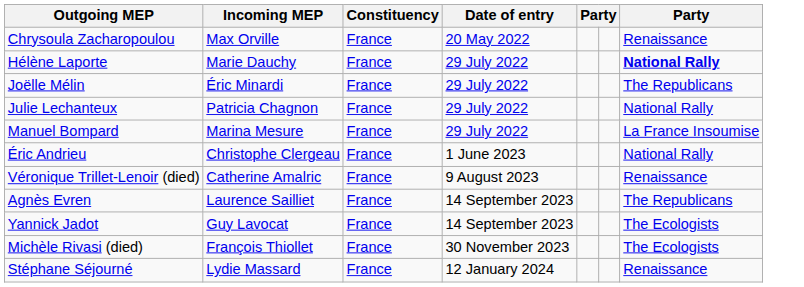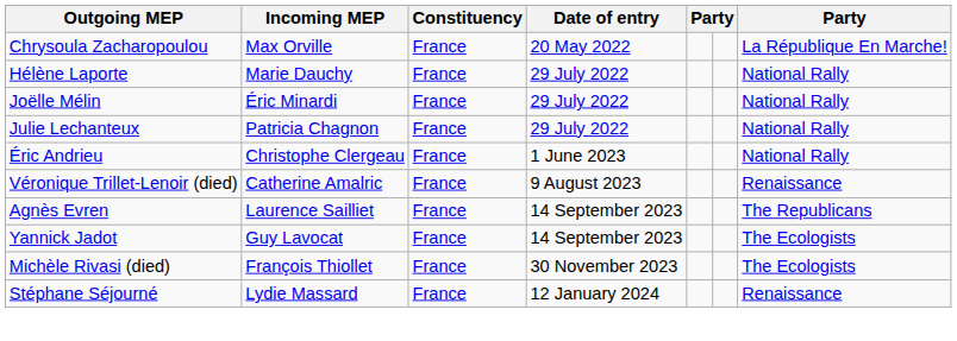 <table class="wikitable sortable">
 <tr>
 <th>Outgoing MEP</th>
 <th>Incoming MEP</th>
 <th>Constituency</th>
 <th>Date of entry</th>
 <th colspan="2">Party</th>
 <th>Party</th>
 </tr>
 <tr>
 <td><a href='#'>Chrysoula Zacharopoulou</a></td>
 <td><a href='#'>Max Orville</a></td>
 <td rowspan="1"><a href='#'>France</a></td>
 <td><a href='#'>20 May 2022</a></td>
 <td style="background-color:"></td>
 <td><strong></strong></td>
-<td><a href='#'>Renaissance</a></td>
+<td><a href='#'>La République En Marche!</a></td>
 </tr>
 <tr>
 <td><a href='#'>Hélène Laporte</a></td>
 <td><a href='#'>Marie Dauchy</a></td>
 <td rowspan="1"><a href='#'>France</a></td>
 <td rowspan="1"><a href='#'>29 July 2022</a></td>
 <td style="background-color:"></td>
 <td><strong></strong></td>
-<td><strong><a href='#'>National Rally</a></strong></td>
+<td><a href='#'>National Rally</a></td>
 </tr>
 <tr>
 <td><a href='#'>Joëlle Mélin</a></td>
 <td><a href='#'>Éric Minardi</a></td>
 <td rowspan="1"><a href='#'>France</a></td>
 <td rowspan="1"><a href='#'>29 July 2022</a></td>
 <td style="background-color:"></td>
 <td><strong></strong></td>
-<td><a href='#'>The Republicans</a></td>
+<td><a href='#'>National Rally</a></td>
 </tr>
 <tr>
 <td><a href='#'>Julie Lechanteux</a></td>
 <td><a href='#'>Patricia Chagnon</a></td>
 <td rowspan="1"><a href='#'>France</a></td>
 <td rowspan="1"><a href='#'>29 July 2022</a></td>
 <td style="background-color:"></td>
 <td><strong></strong></td>
 <td><a href='#'>National Rally</a></td>
-</tr>
-<tr>
-<td><a href='#'>Manuel Bompard</a></td>
-<td><a href='#'>Marina Mesure</a></td>
-<td rowspan="1"><a href='#'>France</a></td>
-<td rowspan="1"><a href='#'>29 July 2022</a></td>
-<td style="background-color:"></td>
-<td><strong></strong></td>
-<td><a href='#'>La France Insoumise</a></td>
 </tr>
 <tr>
 <td><a href='#'>Éric Andrieu</a></td>
 <td><a href='#'>Christophe Clergeau</a></td>
 <td rowspan="1"><a href='#'>France</a></td>
 <td>1 June 2023</td>
 <td style="background-color:"></td>
 <td><strong></strong></td>
 <td><a href='#'>National Rally</a></td>
 </tr>
 <tr>
 <td><a href='#'>Véronique Trillet-Lenoir</a> (died)</td>
 <td><a href='#'>Catherine Amalric</a></td>
 <td rowspan="1"><a href='#'>France</a></td>
 <td>9 August 2023</td>
 <td style="background-color:"></td>
 <td><strong></strong></td>
 <td><a href='#'>Renaissance</a></td>
 </tr>
 <tr>
 <td><a href='#'>Agnès Evren</a></td>
 <td><a href='#'>Laurence Sailliet</a></td>
 <td><a href='#'>France</a></td>
 <td>14 September 2023</td>
 <td style="background-color:"></td>
 <td><strong></strong></td>
 <td><a href='#'>The Republicans</a></td>
 </tr>
 <tr>
 <td><a href='#'>Yannick Jadot</a></td>
 <td><a href='#'>Guy Lavocat</a></td>
 <td><a href='#'>France</a></td>
 <td>14 September 2023</td>
 <td style="background:"></td>
 <td><strong></strong></td>
 <td><a href='#'>The Ecologists</a></td>
 </tr>
 <tr>
 <td><a href='#'>Michèle Rivasi</a> (died)</td>
 <td><a href='#'>François Thiollet</a></td>
 <td><a href='#'>France</a></td>
 <td>30 November 2023</td>
 <td style="background:"></td>
 <td><strong></strong></td>
 <td><a href='#'>The Ecologists</a></td>
 </tr>
 <tr>
 <td><a href='#'>Stéphane Séjourné</a></td>
 <td><a href='#'>Lydie Massard</a></td>
 <td><a href='#'>France</a></td>
 <td>12 January 2024</td>
 <td style="background-color:"></td>
 <td><strong></strong></td>
 <td><a href='#'>Renaissance</a></td>
 </tr>
 </table>
